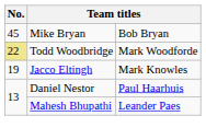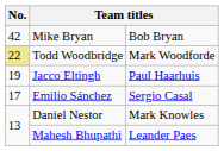 <table class="wikitable" style="display: inline-table;">
 <tr>
 <th width=20>No.</th>
 <th colspan=2>Team titles</th>
 </tr>
 <tr>
-<td>45</td>
+<td>42</td>
 <td> Mike Bryan</td>
 <td> Bob Bryan</td>
 </tr>
 <tr>
 <td style="background: khaki;">22</td>
 <td> Todd Woodbridge</td>
 <td> Mark Woodforde</td>
 </tr>
 <tr>
 <td>19</td>
 <td> <a href='#'>Jacco Eltingh</a></td>
-<td> Mark Knowles</td>
+<td> <a href='#'>Paul Haarhuis</a></td>
+</tr>
+<tr>
+<td>17</td>
+<td> <a href='#'>Emilio Sánchez</a></td>
+<td> <a href='#'>Sergio Casal</a></td>
 </tr>
 <tr>
 <td rowspan=2>13</td>
 <td> Daniel Nestor</td>
-<td> <a href='#'>Paul Haarhuis</a></td>
+<td> Mark Knowles</td>
 </tr>
 <tr>
 <td> <a href='#'>Mahesh Bhupathi</a></td>
 <td> <a href='#'>Leander Paes</a></td>
 </tr>
 </table>
